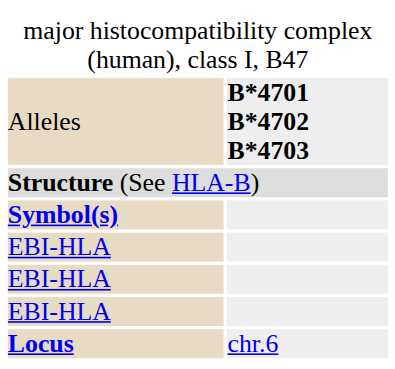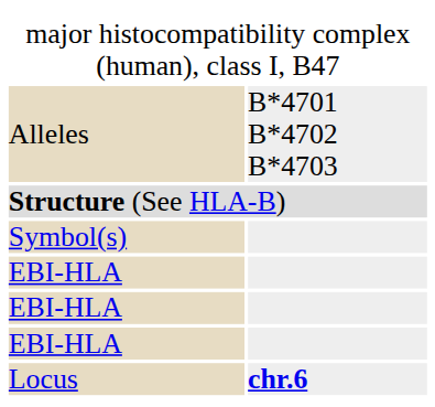 <table id="drugInfoBox" style="float: right; clear: right; margin: 0 0 0.5em 1em; background: #ffffff;" class="toccolours" border=0 cellpadding=0 align=right width="240px">
 <tr>
 <td align="center" colspan="3"></td>
 </tr>
 <tr style="text-align: center; line-height: 1.00;background:#eeeeee">
 <td colspan="3" color="white"></td>
 </tr>
 <tr>
 <td align="center" colspan="2"></td>
 </tr>
 <tr>
 <td align="center" colspan="2"><div>major histocompatibility complex (human), class I, B47</div></td>
 </tr>
 <tr>
 <td bgcolor="#e7dcc3">Alleles</td>
-<td bgcolor="#eeeeee"><strong>B*4701 <br> B*4702 <br>  B*4703 <br></strong></td>
+<td bgcolor="#eeeeee">B*4701 <br> B*4702 <br>  B*4703 <br></td>
 </tr>
 <tr>
 <td colspan="2" bgcolor="#dddddd"><strong>Structure</strong> (See <a href='#'>HLA-B</a>)</td>
 </tr>
 <tr>
-<td bgcolor="#e7dcc3"><strong><a href='#'>Symbol(s)</a></strong></td>
+<td bgcolor="#e7dcc3"><a href='#'>Symbol(s)</a></td>
 <td bgcolor="#eeeeee"></td>
 </tr>
 <tr>
 <td bgcolor="#e7dcc3"><a href='#'>EBI-HLA</a></td>
 <td bgcolor="#eeeeee"></td>
 </tr>
 <tr>
 <td bgcolor="#e7dcc3"><a href='#'>EBI-HLA</a></td>
 <td bgcolor="#eeeeee"></td>
 </tr>
 <tr>
 <td bgcolor="#e7dcc3"><a href='#'>EBI-HLA</a></td>
 <td bgcolor="#eeeeee"></td>
 </tr>
 <tr>
-<td bgcolor="#e7dcc3"><strong><a href='#'>Locus</a></strong></td>
-<td bgcolor="#eeeeee"><a href='#'>chr.6</a> <em></em></td>
+<td bgcolor="#e7dcc3"><a href='#'>Locus</a></td>
+<td bgcolor="#eeeeee"><strong><a href='#'>chr.6</a> <em></em></strong></td>
 </tr>
 <tr>
 </tr>
 </table>
